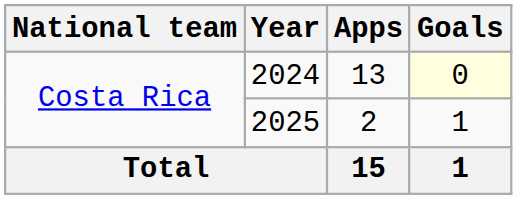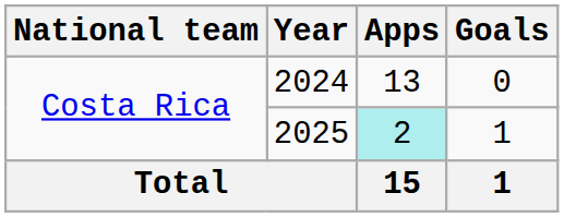 <table class="wikitable" style="text-align:center">
 <tr>
 <th>National team</th>
 <th>Year</th>
 <th>Apps</th>
 <th>Goals</th>
 </tr>
 <tr>
 <td rowspan="2"><a href='#'>Costa Rica</a></td>
 <td>2024</td>
 <td>13</td>
-<td style="background: lightyellow;">0</td>
+<td>0</td>
 </tr>
 <tr>
 <td>2025</td>
-<td>2</td>
+<td style="background: paleturquoise;">2</td>
 <td>1</td>
 </tr>
 <tr>
 <th colspan="2">Total</th>
 <th>15</th>
 <th>1</th>
 </tr>
 </table>
